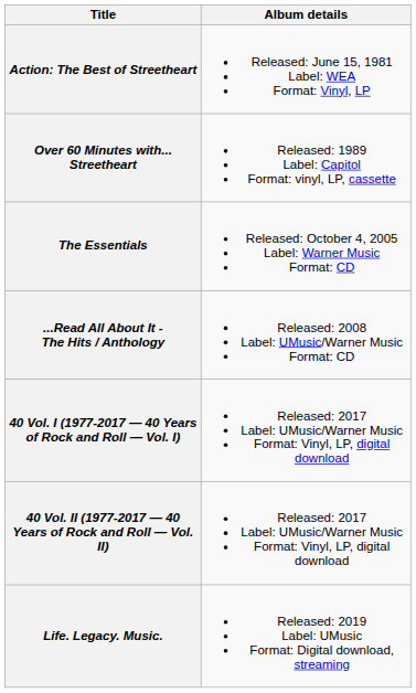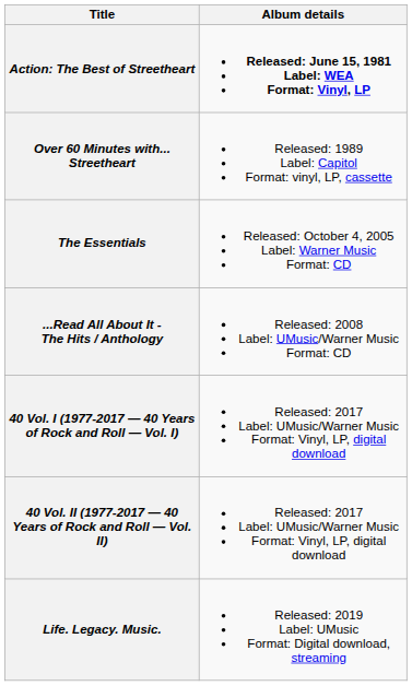 <table class="wikitable plainrowheaders" style="text-align:center">
 <tr>
 <th scope="col" rowspan="1" style="width:15em;">Title</th>
 <th scope="col" rowspan="1" style="width:16em;">Album details</th>
 </tr>
 <tr>
 <th scope="row"><em>Action: The Best of Streetheart</em></th>
-<td><br><ul><li>Released: June 15, 1981</li><li>Label: <a href='#'>WEA</a></li><li>Format: <a href='#'>Vinyl</a>, <a href='#'>LP</a></li></ul></td>
+<td><strong><br><ul><li>Released: June 15, 1981</li><li>Label: <a href='#'>WEA</a></li><li>Format: <a href='#'>Vinyl</a>, <a href='#'>LP</a></li></ul></strong></td>
 </tr>
 <tr>
 <th scope="row"><em>Over 60 Minutes with... Streetheart</em></th>
 <td><br><ul><li>Released: 1989</li><li>Label: <a href='#'>Capitol</a></li><li>Format: vinyl, LP, <a href='#'>cassette</a></li></ul></td>
 </tr>
 <tr>
 <th scope="row"><em>The Essentials</em></th>
 <td><br><ul><li>Released: October 4, 2005</li><li>Label: <a href='#'>Warner Music</a></li><li>Format: <a href='#'>CD</a></li></ul></td>
 </tr>
 <tr>
 <th scope="row"><em>...Read All About It - <br> The Hits / Anthology</em></th>
 <td><br><ul><li>Released: 2008</li><li>Label: <a href='#'>UMusic</a>/Warner Music</li><li>Format: CD</li></ul></td>
 </tr>
 <tr>
 <th scope="row"><em>40 Vol. I (1977-2017 — 40 Years of Rock and Roll — Vol. I)</em></th>
 <td><br><ul><li>Released: 2017</li><li>Label: UMusic/Warner Music</li><li>Format: Vinyl, LP, <a href='#'>digital download</a></li></ul></td>
 </tr>
 <tr>
 <th scope="row"><em>40 Vol. II (1977-2017 — 40 Years of Rock and Roll — Vol. II)</em></th>
 <td><br><ul><li>Released: 2017</li><li>Label: UMusic/Warner Music</li><li>Format: Vinyl, LP, digital download</li></ul></td>
 </tr>
 <tr>
 <th scope="row"><em>Life. Legacy. Music.</em></th>
 <td><br><ul><li>Released: 2019</li><li>Label: UMusic</li><li>Format: Digital download, <a href='#'>streaming</a></li></ul></td>
 </tr>
 </table>
